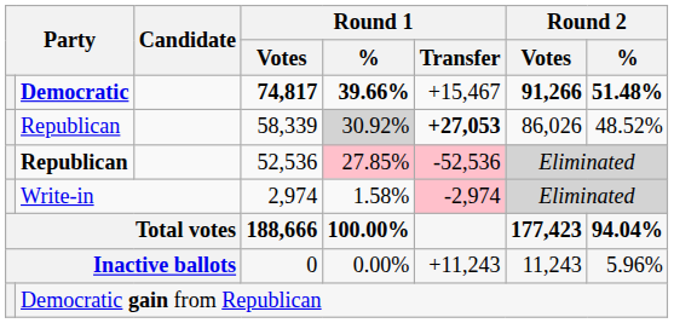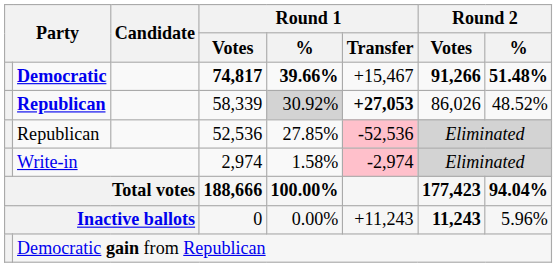 <table class="wikitable sortable" style="text-align:right">
 <tr>
 <th colspan=2 rowspan=2>Party</th>
 <th rowspan=2>Candidate</th>
 <th colspan=3>Round 1</th>
 <th colspan=2>Round 2</th>
 </tr>
 <tr>
 <th>Votes</th>
 <th>%</th>
 <th>Transfer</th>
 <th>Votes</th>
 <th>%</th>
 </tr>
 <tr>
 <th style="background-color:"></th>
 <td style="text-align:left"><strong><a href='#'>Democratic</a></strong></td>
 <td style="text-align:left" scope="row"><strong></strong></td>
 <td><strong>74,817</strong></td>
 <td><strong>39.66%</strong></td>
 <td>+15,467</td>
 <td><strong>91,266</strong></td>
 <td><strong>51.48%</strong></td>
 </tr>
 <tr>
 <th style="background-color:"></th>
-<td style="text-align:left"><a href='#'>Republican</a></td>
+<td style="text-align:left"><strong><a href='#'>Republican</a></strong></td>
 <td style="text-align:left" scope="row"></td>
 <td>58,339</td>
 <td style="background: lightgrey;">30.92%</td>
 <td><strong>+27,053</strong></td>
 <td>86,026</td>
 <td>48.52%</td>
 </tr>
 <tr>
 <th style="background-color:"></th>
-<td style="text-align:left"><strong>Republican</strong></td>
+<td style="text-align:left">Republican</td>
 <td style="text-align:left" scope="row"></td>
 <td>52,536</td>
-<td style="background: pink;">27.85%</td>
+<td>27.85%</td>
 <td style="background:pink;">-52,536</td>
 <td colspan="2"  style="background:lightgrey; text-align:center;"><em>Eliminated</em></td>
 </tr>
 <tr>
 <th style="background-color:"></th>
 <td style="text-align:left" colspan=2><a href='#'>Write-in</a></td>
 <td>2,974</td>
 <td>1.58%</td>
 <td style="background:pink;">-2,974</td>
 <td colspan="2"  style="background:lightgrey; text-align:center;"><em>Eliminated</em></td>
 </tr>
 <tr class="sortbottom" style="background:#f6f6f6;">
 <th colspan=3 scope="row" style="text-align:right;">Total votes</th>
 <td><strong>188,666</strong></td>
 <td><strong>100.00%</strong></td>
 <td></td>
 <td><strong>177,423</strong></td>
 <td><strong>94.04%</strong></td>
 </tr>
 <tr class="sortbottom" style="background:#f6f6f6;">
 <th colspan=3 scope="row" style="text-align:right;"><a href='#'>Inactive ballots</a></th>
 <td>0</td>
 <td>0.00%</td>
 <td>+11,243</td>
-<td>11,243</td>
+<td><strong>11,243</strong></td>
 <td>5.96%</td>
 </tr>
 <tr class="sortbottom" style="background:#f6f6f6;">
 <th style="background-color:"></th>
 <td style="text-align:left" colspan=8><a href='#'>Democratic</a> <strong>gain</strong> from <a href='#'>Republican</a></td>
 </tr>
 </table>
